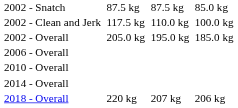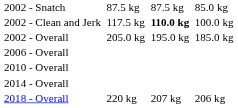 <table>
 <tr>
 <td>2002 - Snatch</td>
 <td></td>
 <td>87.5 kg</td>
 <td></td>
 <td>87.5 kg</td>
 <td></td>
 <td>85.0 kg</td>
 </tr>
 <tr>
 <td>2002 - Clean and Jerk</td>
 <td></td>
 <td>117.5 kg</td>
 <td></td>
-<td>110.0 kg</td>
+<td><strong>110.0 kg</strong></td>
 <td></td>
 <td>100.0 kg</td>
 </tr>
 <tr>
 <td>2002 - Overall</td>
 <td></td>
 <td>205.0 kg</td>
 <td></td>
 <td>195.0 kg</td>
 <td></td>
 <td>185.0 kg</td>
 </tr>
 <tr>
 <td>2006 - Overall<br></td>
 <td></td>
 <td></td>
 <td></td>
 <td></td>
 <td></td>
 <td></td>
 </tr>
 <tr>
 <td>2010 - Overall<br></td>
 <td></td>
 <td></td>
 <td></td>
 <td></td>
 <td></td>
 <td></td>
 </tr>
 <tr>
 <td>2014 - Overall<br></td>
 <td></td>
 <td></td>
 <td></td>
 <td></td>
 <td></td>
 <td></td>
 </tr>
 <tr>
 <td><a href='#'>2018 - Overall</a></td>
 <td></td>
 <td>220 kg</td>
 <td></td>
 <td>207 kg</td>
 <td></td>
 <td>206 kg</td>
 </tr>
 </table>
